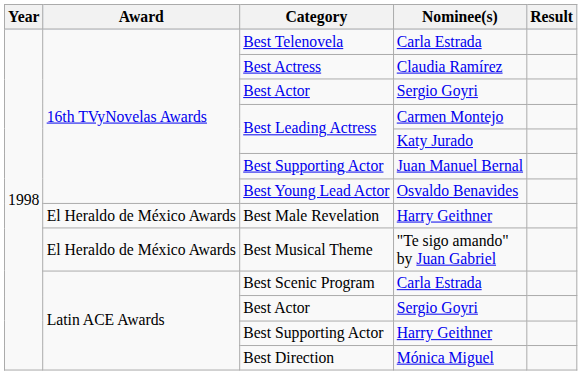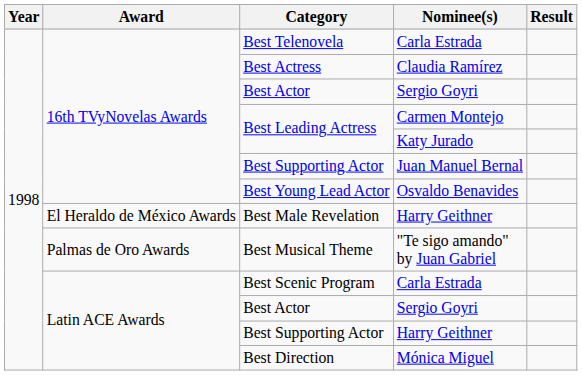 <table class="wikitable">
 <tr style="background:#b0c4de;">
 <th>Year</th>
 <th>Award</th>
 <th>Category</th>
 <th>Nominee(s)</th>
 <th>Result</th>
 </tr>
 <tr>
 <td rowspan=13>1998</td>
 <td rowspan=7><a href='#'>16th TVyNovelas Awards</a></td>
 <td><a href='#'>Best Telenovela</a></td>
 <td><a href='#'>Carla Estrada</a></td>
 <td></td>
 </tr>
 <tr>
 <td><a href='#'>Best Actress</a></td>
 <td><a href='#'>Claudia Ramírez</a></td>
 <td></td>
 </tr>
 <tr>
 <td><a href='#'>Best Actor</a></td>
 <td><a href='#'>Sergio Goyri</a></td>
 <td></td>
 </tr>
 <tr>
 <td rowspan=2><a href='#'>Best Leading Actress</a></td>
 <td><a href='#'>Carmen Montejo</a></td>
 <td></td>
 </tr>
 <tr>
 <td><a href='#'>Katy Jurado</a></td>
 <td></td>
 </tr>
 <tr>
 <td><a href='#'>Best Supporting Actor</a></td>
 <td><a href='#'>Juan Manuel Bernal</a></td>
 <td></td>
 </tr>
 <tr>
 <td><a href='#'>Best Young Lead Actor</a></td>
 <td><a href='#'>Osvaldo Benavides</a></td>
 <td></td>
 </tr>
 <tr>
 <td>El Heraldo de México Awards</td>
 <td>Best Male Revelation</td>
 <td><a href='#'>Harry Geithner</a></td>
 <td></td>
 </tr>
 <tr>
-<td>El Heraldo de México Awards</td>
+<td>Palmas de Oro Awards</td>
 <td>Best Musical Theme</td>
 <td>"Te sigo amando" <br> by <a href='#'>Juan Gabriel</a></td>
 <td></td>
 </tr>
 <tr>
 <td rowspan=4>Latin ACE Awards</td>
 <td>Best Scenic Program</td>
 <td><a href='#'>Carla Estrada</a></td>
 <td></td>
 </tr>
 <tr>
 <td>Best Actor</td>
 <td><a href='#'>Sergio Goyri</a></td>
 <td></td>
 </tr>
 <tr>
 <td>Best Supporting Actor</td>
 <td><a href='#'>Harry Geithner</a></td>
 <td></td>
 </tr>
 <tr>
 <td>Best Direction</td>
 <td><a href='#'>Mónica Miguel</a></td>
 <td></td>
 </tr>
 </table>
